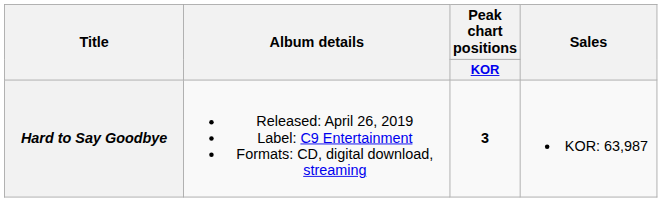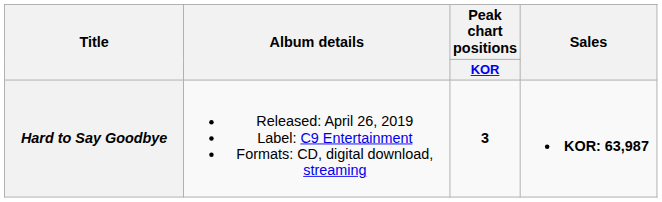 <table class="wikitable plainrowheaders" style="text-align:center;">
 <tr>
 <th scope="col" rowspan="2" style="width:12em;">Title</th>
 <th scope="col" rowspan="2" style="width:18em;">Album details</th>
 <th scope="col" colspan="1">Peak<br>chart<br>positions</th>
 <th scope="col" rowspan="2" style="width:9em;">Sales</th>
 </tr>
 <tr>
 <th scope="col" style="width:3em;font-size:90%;"><a href='#'>KOR</a><br></th>
 </tr>
 <tr>
 <th scope="row"><em>Hard to Say Goodbye</em></th>
 <td><br><ul><li>Released: April 26, 2019</li><li>Label: <a href='#'>C9 Entertainment</a></li><li>Formats: CD, digital download, <a href='#'>streaming</a></li></ul></td>
 <td><strong>3</strong></td>
-<td><br><ul><li>KOR: 63,987</li></ul></td>
+<td><strong><br><ul><li>KOR: 63,987</li></ul></strong></td>
 </tr>
 </table>
